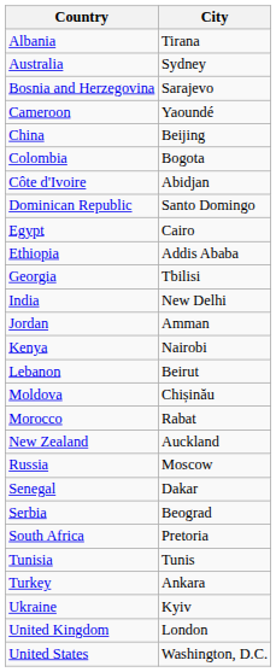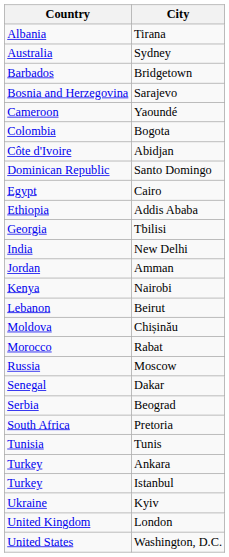 <table class="wikitable" style="display: inline-table;">
 <tr>
 <th>Country</th>
 <th>City</th>
 </tr>
 <tr>
 <td><a href='#'>Albania</a></td>
 <td>Tirana</td>
 </tr>
 <tr>
 <td><a href='#'>Australia</a></td>
 <td>Sydney</td>
 </tr>
 <tr>
+<td><a href='#'>Barbados</a></td>
+<td>Bridgetown</td>
+</tr>
+<tr>
 <td><a href='#'>Bosnia and Herzegovina</a></td>
 <td>Sarajevo</td>
 </tr>
 <tr>
 <td><a href='#'>Cameroon</a></td>
 <td>Yaoundé</td>
-</tr>
-<tr>
-<td><a href='#'>China</a></td>
-<td>Beijing</td>
 </tr>
 <tr>
 <td><a href='#'>Colombia</a></td>
 <td>Bogota</td>
 </tr>
 <tr>
 <td><a href='#'>Côte d'Ivoire</a></td>
 <td>Abidjan</td>
 </tr>
 <tr>
 <td><a href='#'>Dominican Republic</a></td>
 <td>Santo Domingo</td>
 </tr>
 <tr>
 <td><a href='#'>Egypt</a></td>
 <td>Cairo</td>
 </tr>
 <tr>
 <td><a href='#'>Ethiopia</a></td>
 <td>Addis Ababa</td>
 </tr>
 <tr>
 <td><a href='#'>Georgia</a></td>
 <td>Tbilisi</td>
 </tr>
 <tr>
 <td><a href='#'>India</a></td>
 <td>New Delhi</td>
 </tr>
 <tr>
 <td><a href='#'>Jordan</a></td>
 <td>Amman</td>
 </tr>
 <tr>
 <td><a href='#'>Kenya</a></td>
 <td>Nairobi</td>
 </tr>
 <tr>
 <td><a href='#'>Lebanon</a></td>
 <td>Beirut</td>
 </tr>
 <tr>
 <td><a href='#'>Moldova</a></td>
 <td>Chișinău</td>
 </tr>
 <tr>
 <td><a href='#'>Morocco</a></td>
 <td>Rabat</td>
 </tr>
 <tr>
-<td><a href='#'>New Zealand</a></td>
-<td>Auckland</td>
-</tr>
-<tr>
 <td><a href='#'>Russia</a></td>
 <td>Moscow</td>
 </tr>
 <tr>
 <td><a href='#'>Senegal</a></td>
 <td>Dakar</td>
 </tr>
 <tr>
 <td><a href='#'>Serbia</a></td>
 <td>Beograd</td>
 </tr>
 <tr>
 <td><a href='#'>South Africa</a></td>
 <td>Pretoria</td>
 </tr>
 <tr>
 <td><a href='#'>Tunisia</a></td>
 <td>Tunis</td>
 </tr>
 <tr>
 <td><a href='#'>Turkey</a></td>
 <td>Ankara</td>
 </tr>
 <tr>
+<td><a href='#'>Turkey</a></td>
+<td>Istanbul</td>
+</tr>
+<tr>
 <td><a href='#'>Ukraine</a></td>
 <td>Kyiv</td>
 </tr>
 <tr>
 <td><a href='#'>United Kingdom</a></td>
 <td>London</td>
 </tr>
 <tr>
 <td><a href='#'>United States</a></td>
 <td>Washington, D.C.</td>
 </tr>
 </table>
